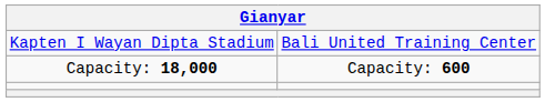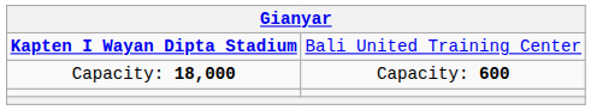 <table class="wikitable" style="margin:1em auto; text-align:center;">
 <tr>
 <th colspan=2><a href='#'>Gianyar</a></th>
 </tr>
 <tr>
-<td><a href='#'>Kapten I Wayan Dipta Stadium</a></td>
+<td><strong><a href='#'>Kapten I Wayan Dipta Stadium</a></strong></td>
 <td><a href='#'>Bali United Training Center</a></td>
 </tr>
 <tr>
 <td>Capacity: <strong>18,000</strong></td>
 <td>Capacity: <strong>600</strong></td>
 </tr>
 <tr>
 <td></td>
 <td></td>
 </tr>
 <tr>
 <th colspan=2 text-align="center"></th>
 </tr>
 </table>
